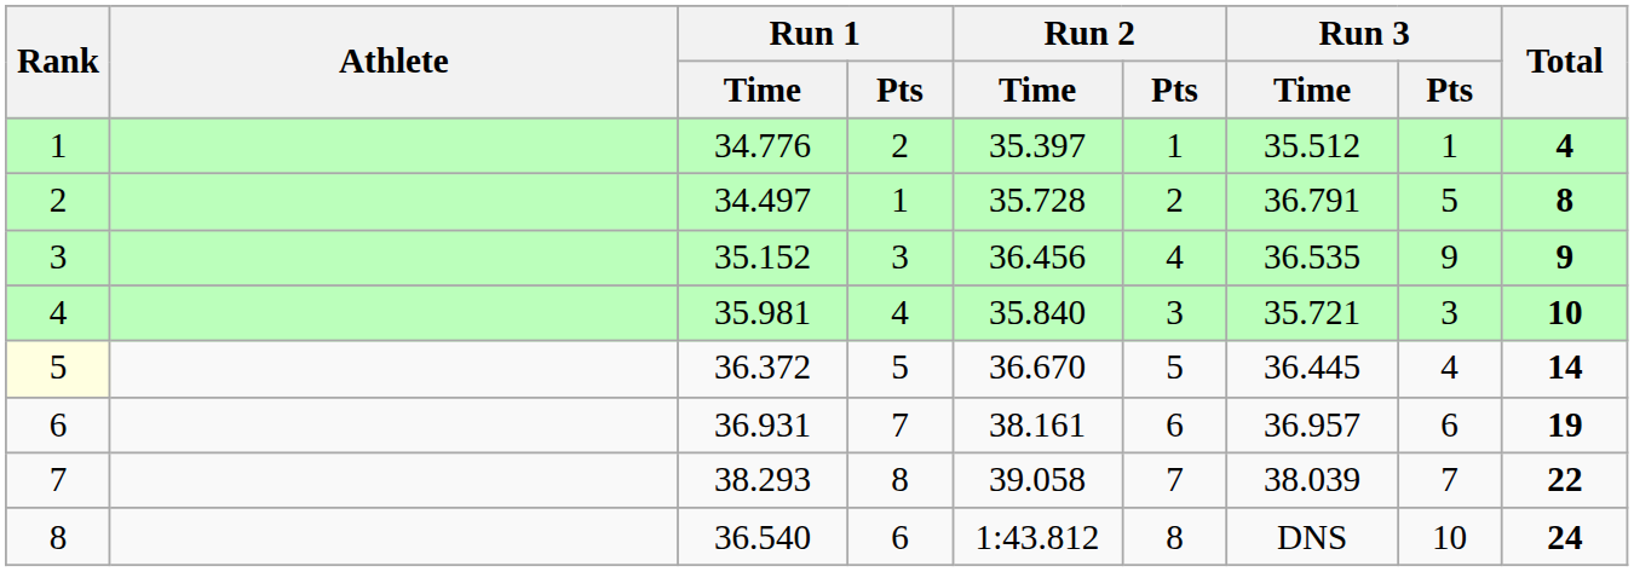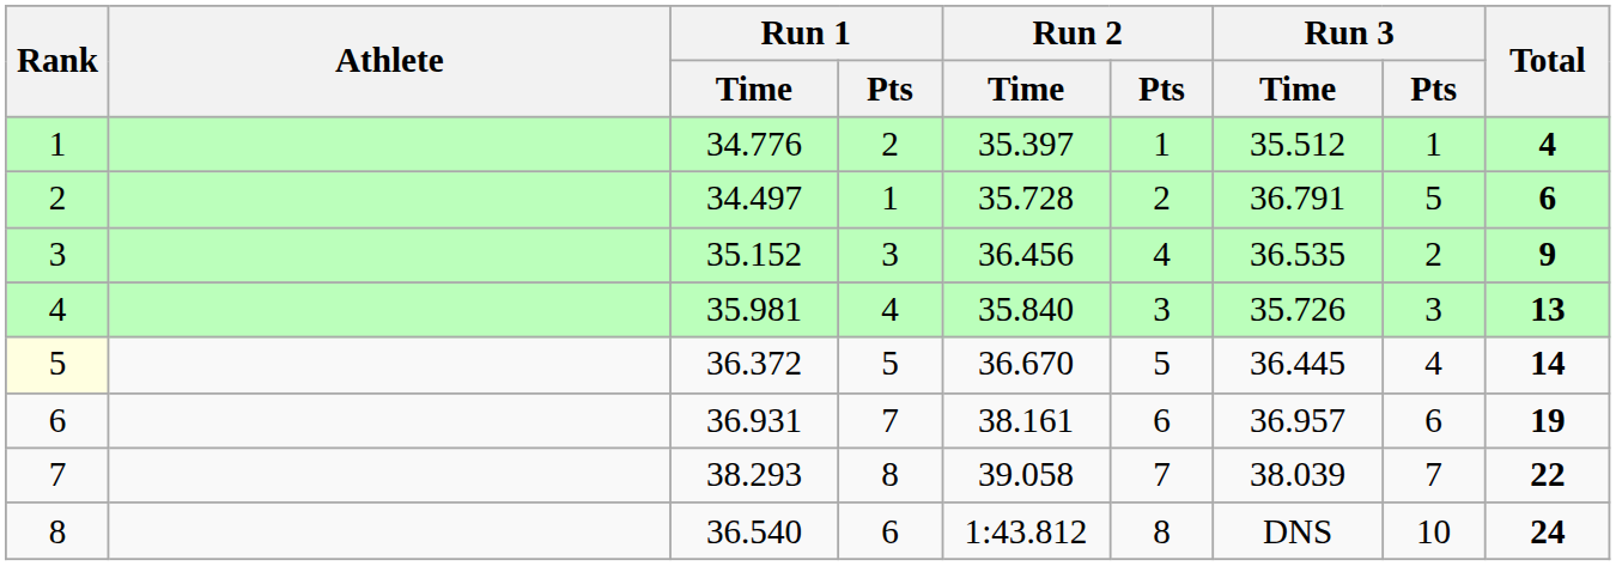 <table class=wikitable style="text-align:center">
 <tr>
 <th rowspan="2" width=40>Rank</th>
 <th rowspan="2" width=250>Athlete</th>
 <th colspan="2">Run 1</th>
 <th colspan="2">Run 2</th>
 <th colspan="2">Run 3</th>
 <th rowspan="2" width=50>Total</th>
 </tr>
 <tr>
 <th width=70>Time</th>
 <th width=40>Pts</th>
 <th width=70>Time</th>
 <th width=40>Pts</th>
 <th width=70>Time</th>
 <th width=40>Pts</th>
 </tr>
 <tr bgcolor=bbffbb>
 <td>1</td>
 <td align=left></td>
 <td>34.776</td>
 <td>2</td>
 <td>35.397</td>
 <td>1</td>
 <td>35.512</td>
 <td>1</td>
 <td><strong>4</strong></td>
 </tr>
 <tr bgcolor=bbffbb>
 <td>2</td>
 <td align=left></td>
 <td>34.497</td>
 <td>1</td>
 <td>35.728</td>
 <td>2</td>
 <td>36.791</td>
 <td>5</td>
-<td><strong>8</strong></td>
+<td><strong>6</strong></td>
 </tr>
 <tr bgcolor=bbffbb>
 <td>3</td>
 <td align=left></td>
 <td>35.152</td>
 <td>3</td>
 <td>36.456</td>
 <td>4</td>
 <td>36.535</td>
-<td>9</td>
+<td>2</td>
 <td><strong>9</strong></td>
 </tr>
 <tr bgcolor=bbffbb>
 <td>4</td>
 <td align=left></td>
 <td>35.981</td>
 <td>4</td>
 <td>35.840</td>
 <td>3</td>
-<td>35.721</td>
+<td>35.726</td>
 <td>3</td>
-<td><strong>10</strong></td>
+<td><strong>13</strong></td>
 </tr>
 <tr>
 <td style="background: lightyellow;">5</td>
 <td align=left></td>
 <td>36.372</td>
 <td>5</td>
 <td>36.670</td>
 <td>5</td>
 <td>36.445</td>
 <td>4</td>
 <td><strong>14</strong></td>
 </tr>
 <tr>
 <td>6</td>
 <td align=left></td>
 <td>36.931</td>
 <td>7</td>
 <td>38.161</td>
 <td>6</td>
 <td>36.957</td>
 <td>6</td>
 <td><strong>19</strong></td>
 </tr>
 <tr>
 <td>7</td>
 <td align=left></td>
 <td>38.293</td>
 <td>8</td>
 <td>39.058</td>
 <td>7</td>
 <td>38.039</td>
 <td>7</td>
 <td><strong>22</strong></td>
 </tr>
 <tr>
 <td>8</td>
 <td align=left></td>
 <td>36.540</td>
 <td>6</td>
 <td>1:43.812</td>
 <td>8</td>
 <td>DNS</td>
 <td>10</td>
 <td><strong>24</strong></td>
 </tr>
 </table>
